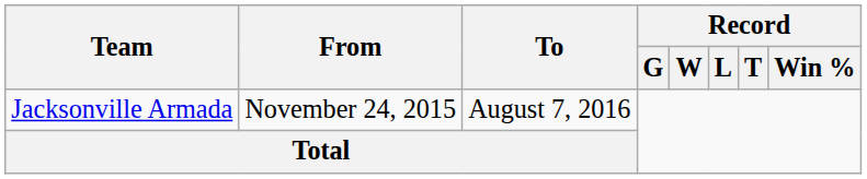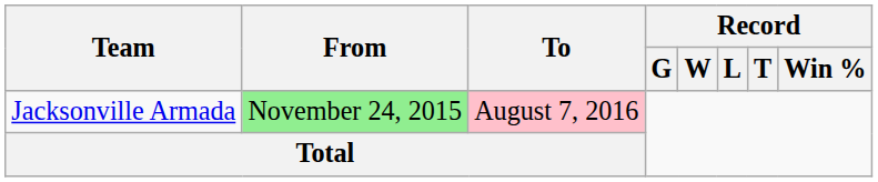 <table class="wikitable" style="text-align: center">
 <tr>
 <th rowspan="2">Team</th>
 <th rowspan="2">From</th>
 <th rowspan="2">To</th>
 <th colspan="6">Record</th>
 </tr>
 <tr>
 <th>G</th>
 <th>W</th>
 <th>L</th>
 <th>T</th>
 <th>Win %</th>
 </tr>
 <tr>
 <td align=left><a href='#'>Jacksonville Armada</a></td>
-<td align=left>November 24, 2015 </td>
-<td align=left>August 7, 2016<br></td>
+<td align=left style="background: lightgreen;">November 24, 2015 </td>
+<td align=left style="background: pink;">August 7, 2016<br></td>
 </tr>
 <tr>
 <th colspan="3">Total<br></th>
 </tr>
 </table>
